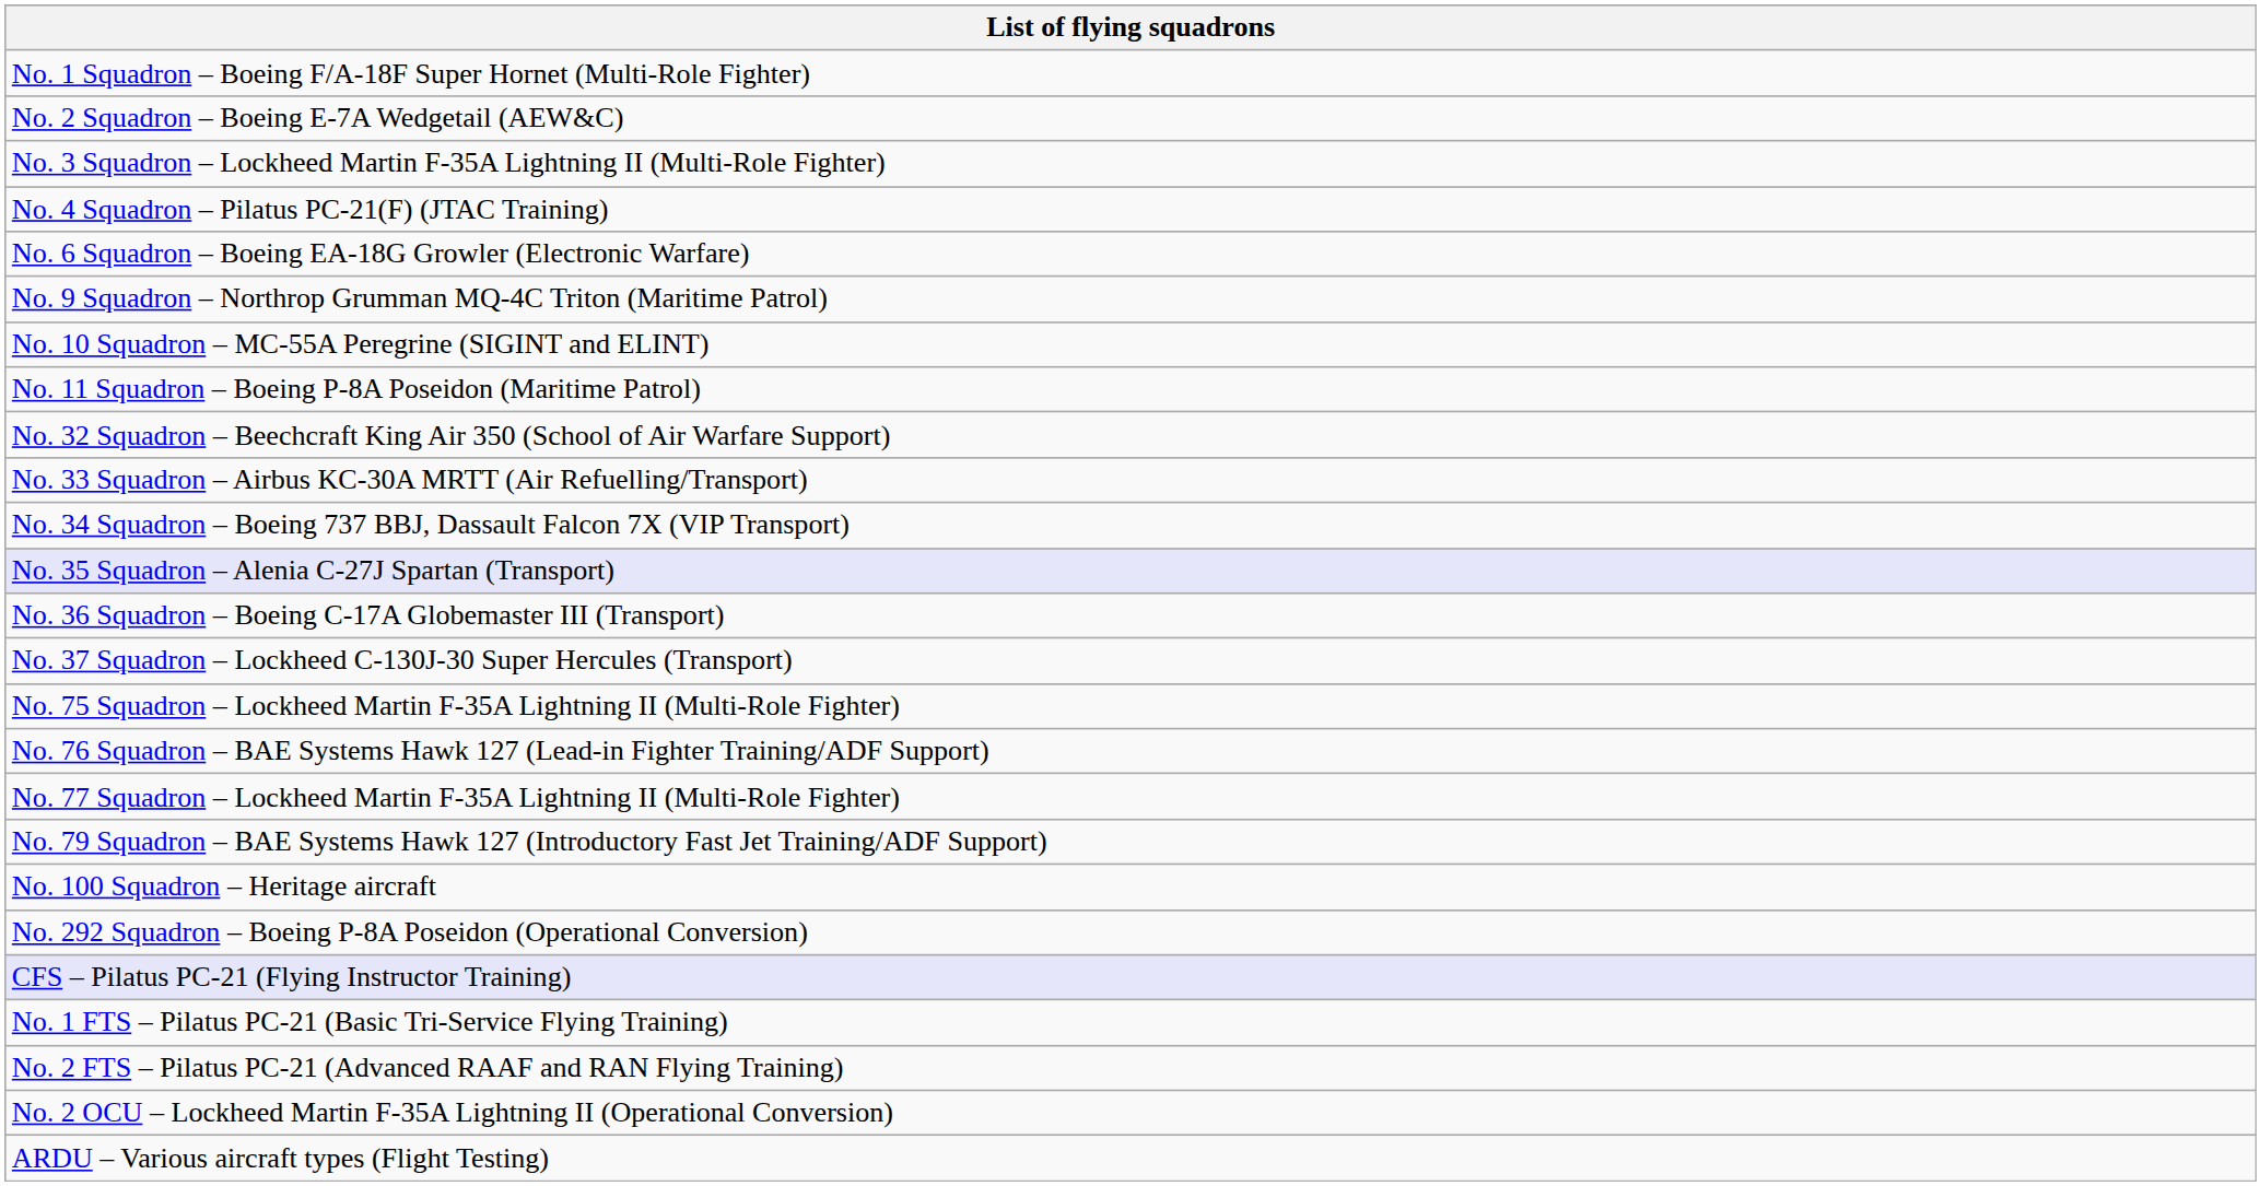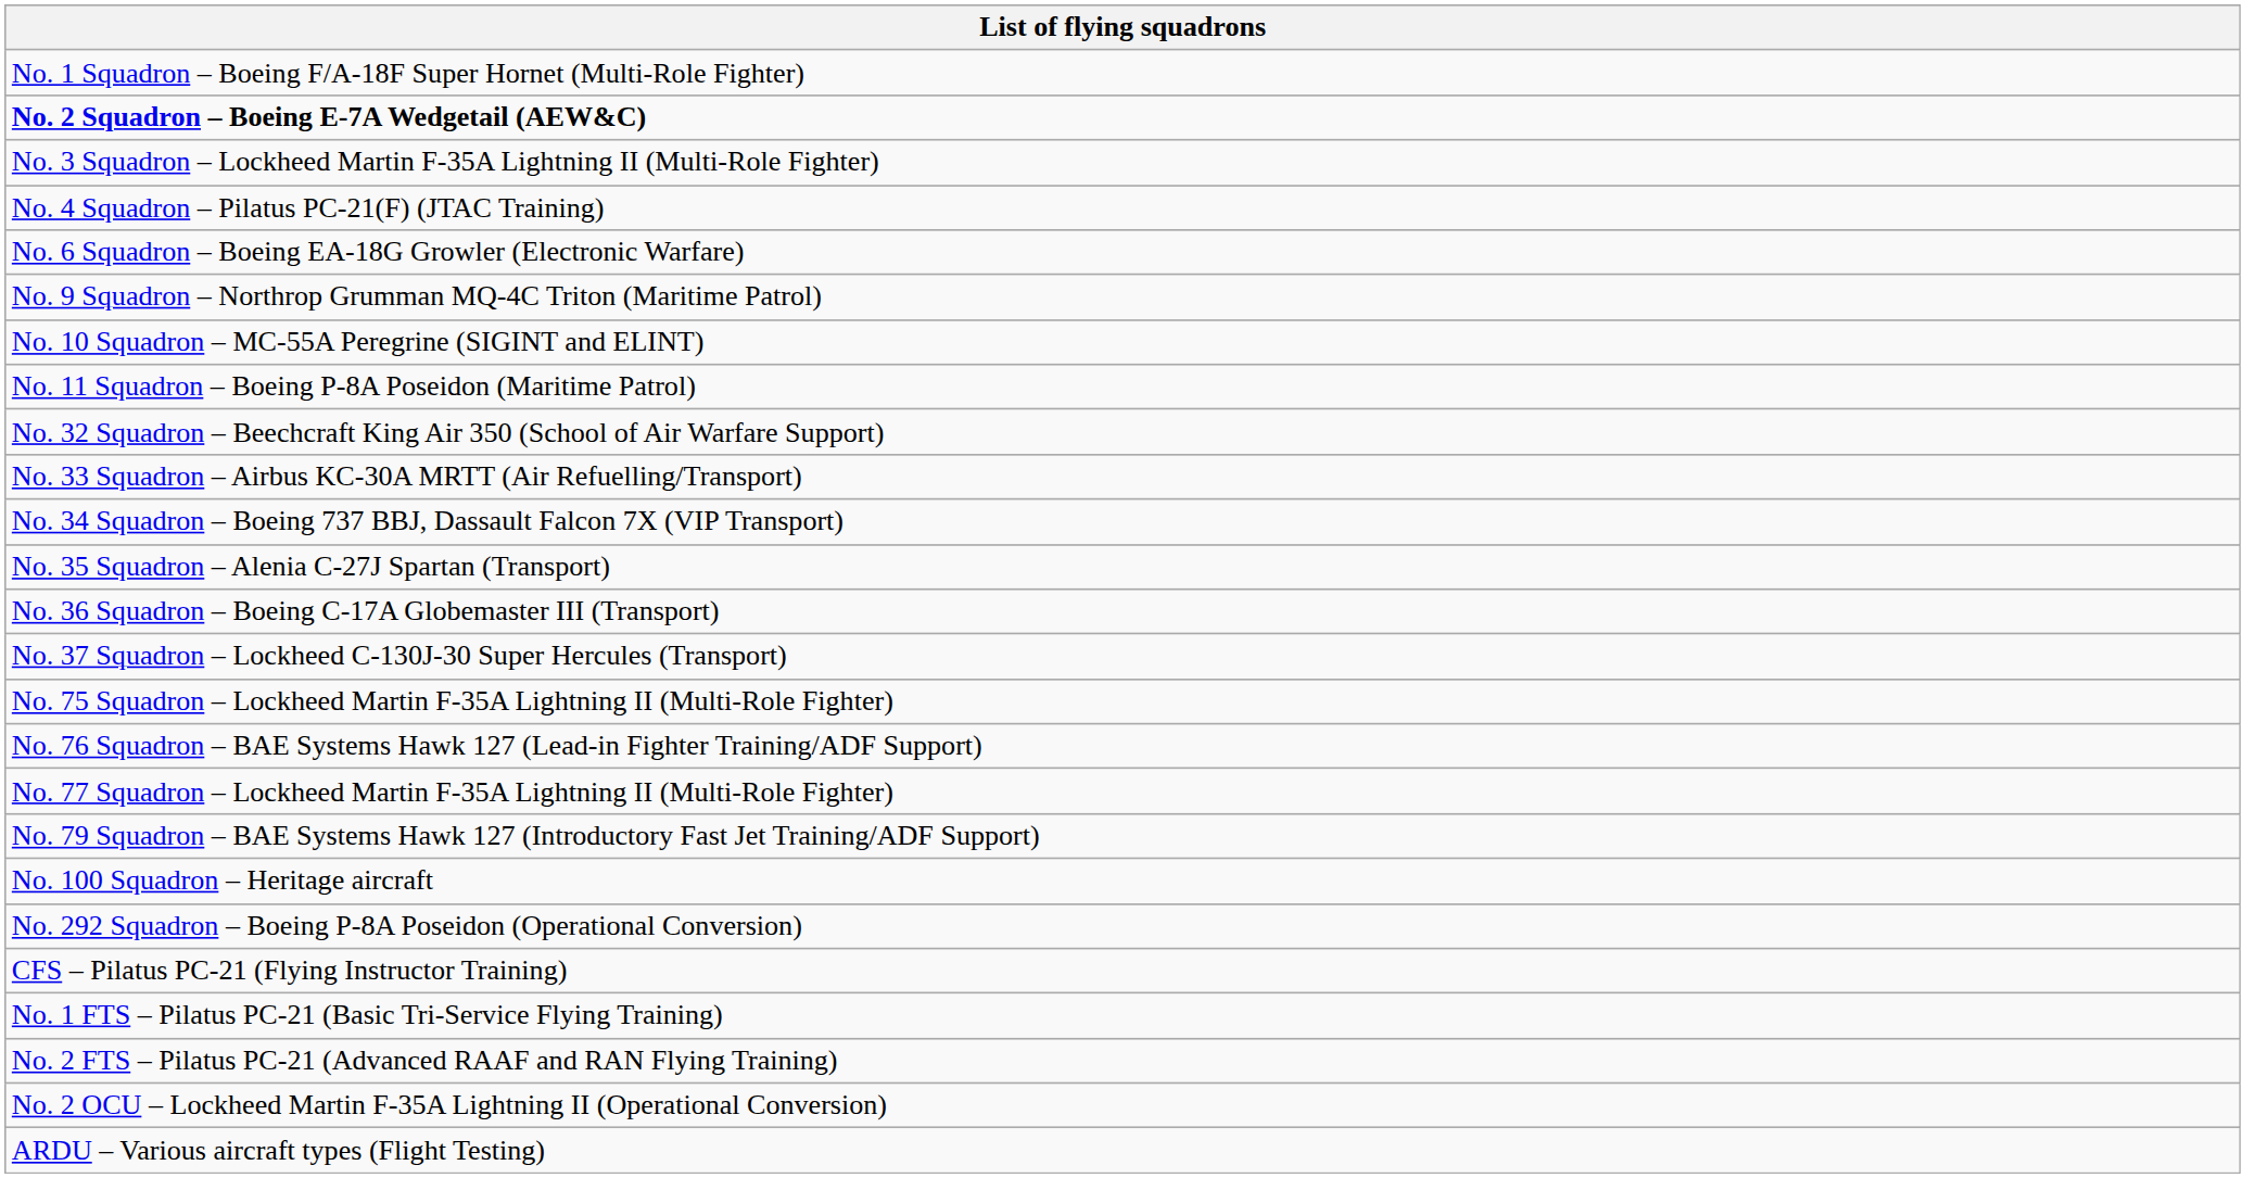 <table class="wikitable collapsible collapsed" width="100%">
 <tr>
 <th>List of flying squadrons</th>
 </tr>
 <tr>
 <td><a href='#'>No. 1 Squadron</a> – Boeing F/A-18F Super Hornet (Multi-Role Fighter)</td>
 </tr>
 <tr>
-<td><a href='#'>No. 2 Squadron</a> – Boeing E-7A Wedgetail (AEW&C)</td>
+<td><strong><a href='#'>No. 2 Squadron</a> – Boeing E-7A Wedgetail (AEW&C)</strong></td>
 </tr>
 <tr>
 <td><a href='#'>No. 3 Squadron</a> – Lockheed Martin F-35A Lightning II (Multi-Role Fighter)</td>
 </tr>
 <tr>
 <td><a href='#'>No. 4 Squadron</a> – Pilatus PC-21(F) (JTAC Training)</td>
 </tr>
 <tr>
 <td><a href='#'>No. 6 Squadron</a> – Boeing EA-18G Growler (Electronic Warfare)</td>
 </tr>
 <tr>
 <td><a href='#'>No. 9 Squadron</a> – Northrop Grumman MQ-4C Triton (Maritime Patrol)</td>
 </tr>
 <tr>
 <td><a href='#'>No. 10 Squadron</a> – MC-55A Peregrine (SIGINT and ELINT)</td>
 </tr>
 <tr>
 <td><a href='#'>No. 11 Squadron</a> – Boeing P-8A Poseidon (Maritime Patrol)</td>
 </tr>
 <tr>
 <td><a href='#'>No. 32 Squadron</a> – Beechcraft King Air 350 (School of Air Warfare Support)</td>
 </tr>
 <tr>
 <td><a href='#'>No. 33 Squadron</a> – Airbus KC-30A MRTT (Air Refuelling/Transport)</td>
 </tr>
 <tr>
 <td><a href='#'>No. 34 Squadron</a> – Boeing 737 BBJ, Dassault Falcon 7X (VIP Transport)</td>
 </tr>
 <tr>
-<td style="background: lavender;"><a href='#'>No. 35 Squadron</a> – Alenia C-27J Spartan (Transport)</td>
+<td><a href='#'>No. 35 Squadron</a> – Alenia C-27J Spartan (Transport)</td>
 </tr>
 <tr>
 <td><a href='#'>No. 36 Squadron</a> – Boeing C-17A Globemaster III (Transport)</td>
 </tr>
 <tr>
 <td><a href='#'>No. 37 Squadron</a> – Lockheed C-130J-30 Super Hercules (Transport)</td>
 </tr>
 <tr>
 <td><a href='#'>No. 75 Squadron</a> – Lockheed Martin F-35A Lightning II (Multi-Role Fighter)</td>
 </tr>
 <tr>
 <td><a href='#'>No. 76 Squadron</a> – BAE Systems Hawk 127 (Lead-in Fighter Training/ADF Support)</td>
 </tr>
 <tr>
 <td><a href='#'>No. 77 Squadron</a> – Lockheed Martin F-35A Lightning II (Multi-Role Fighter)</td>
 </tr>
 <tr>
 <td><a href='#'>No. 79 Squadron</a> – BAE Systems Hawk 127 (Introductory Fast Jet Training/ADF Support)</td>
 </tr>
 <tr>
 <td><a href='#'>No. 100 Squadron</a> – Heritage aircraft</td>
 </tr>
 <tr>
 <td><a href='#'>No. 292 Squadron</a> – Boeing P-8A Poseidon (Operational Conversion)</td>
 </tr>
 <tr>
-<td style="background: lavender;"><a href='#'>CFS</a> – Pilatus PC-21 (Flying Instructor Training)</td>
+<td><a href='#'>CFS</a> – Pilatus PC-21 (Flying Instructor Training)</td>
 </tr>
 <tr>
 <td><a href='#'>No. 1 FTS</a> – Pilatus PC-21 (Basic Tri-Service Flying Training)</td>
 </tr>
 <tr>
 <td><a href='#'>No. 2 FTS</a> – Pilatus PC-21 (Advanced RAAF and RAN Flying Training)</td>
 </tr>
 <tr>
 <td><a href='#'>No. 2 OCU</a> – Lockheed Martin F-35A Lightning II (Operational Conversion)</td>
 </tr>
 <tr>
 <td><a href='#'>ARDU</a> – Various aircraft types (Flight Testing)</td>
 </tr>
 </table>
